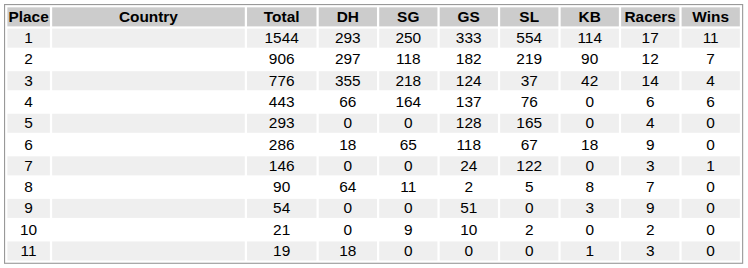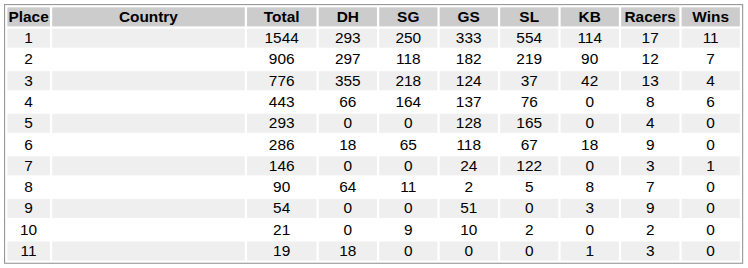 <table border="0" style="border: 1px solid #999; background-color:#FFFFFF; text-align:center; font-size:86%; line-height:15px;">
 <tr align="center" bgcolor="#CCCCCC">
 <th width=35>Place</th>
 <th width=170>Country</th>
 <th width=60>Total</th>
 <th width=50>DH</th>
 <th width=50>SG</th>
 <th width=50>GS</th>
 <th width=50>SL</th>
 <th width=50>KB</th>
 <th width=50>Racers</th>
 <th width=50>Wins</th>
 </tr>
 <tr bgcolor="#EFEFEF">
 <td>1</td>
 <td align="left"></td>
 <td>1544</td>
 <td>293</td>
 <td>250</td>
 <td>333</td>
 <td>554</td>
 <td>114</td>
 <td>17</td>
 <td>11</td>
 </tr>
 <tr>
 <td>2</td>
 <td align="left"></td>
 <td>906</td>
 <td>297</td>
 <td>118</td>
 <td>182</td>
 <td>219</td>
 <td>90</td>
 <td>12</td>
 <td>7</td>
 </tr>
 <tr bgcolor="#EFEFEF">
 <td>3</td>
 <td align="left"></td>
 <td>776</td>
 <td>355</td>
 <td>218</td>
 <td>124</td>
 <td>37</td>
 <td>42</td>
-<td>14</td>
+<td>13</td>
 <td>4</td>
 </tr>
 <tr>
 <td>4</td>
 <td align="left"></td>
 <td>443</td>
 <td>66</td>
 <td>164</td>
 <td>137</td>
 <td>76</td>
 <td>0</td>
-<td>6</td>
+<td>8</td>
 <td>6</td>
 </tr>
 <tr bgcolor="#EFEFEF">
 <td>5</td>
 <td align="left"></td>
 <td>293</td>
 <td>0</td>
 <td>0</td>
 <td>128</td>
 <td>165</td>
 <td>0</td>
 <td>4</td>
 <td>0</td>
 </tr>
 <tr>
 <td>6</td>
 <td align="left"></td>
 <td>286</td>
 <td>18</td>
 <td>65</td>
 <td>118</td>
 <td>67</td>
 <td>18</td>
 <td>9</td>
 <td>0</td>
 </tr>
 <tr bgcolor="#EFEFEF">
 <td>7</td>
 <td align="left"></td>
 <td>146</td>
 <td>0</td>
 <td>0</td>
 <td>24</td>
 <td>122</td>
 <td>0</td>
 <td>3</td>
 <td>1</td>
 </tr>
 <tr>
 <td>8</td>
 <td align="left"></td>
 <td>90</td>
 <td>64</td>
 <td>11</td>
 <td>2</td>
 <td>5</td>
 <td>8</td>
 <td>7</td>
 <td>0</td>
 </tr>
 <tr bgcolor="#EFEFEF">
 <td>9</td>
 <td align="left"></td>
 <td>54</td>
 <td>0</td>
 <td>0</td>
 <td>51</td>
 <td>0</td>
 <td>3</td>
 <td>9</td>
 <td>0</td>
 </tr>
 <tr>
 <td>10</td>
 <td align="left"></td>
 <td>21</td>
 <td>0</td>
 <td>9</td>
 <td>10</td>
 <td>2</td>
 <td>0</td>
 <td>2</td>
 <td>0</td>
 </tr>
 <tr bgcolor="#EFEFEF">
 <td>11</td>
 <td align="left"></td>
 <td>19</td>
 <td>18</td>
 <td>0</td>
 <td>0</td>
 <td>0</td>
 <td>1</td>
 <td>3</td>
 <td>0</td>
 </tr>
 </table>
